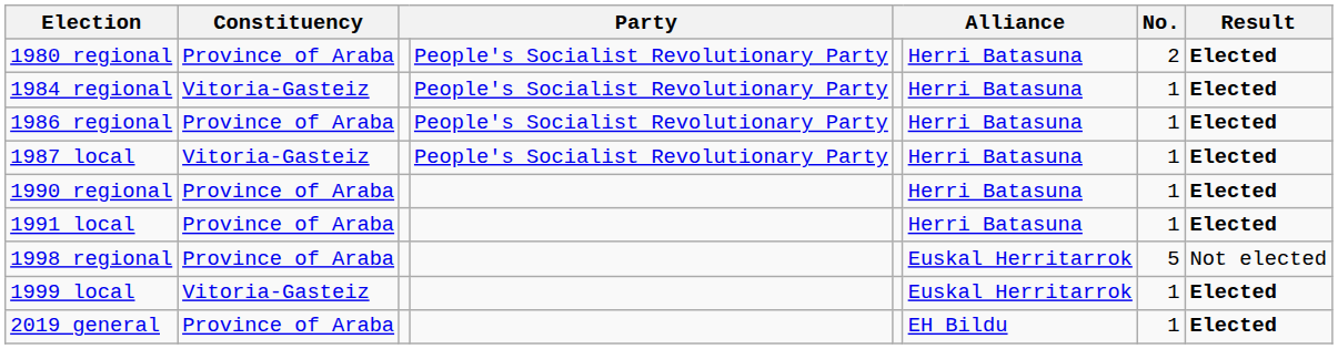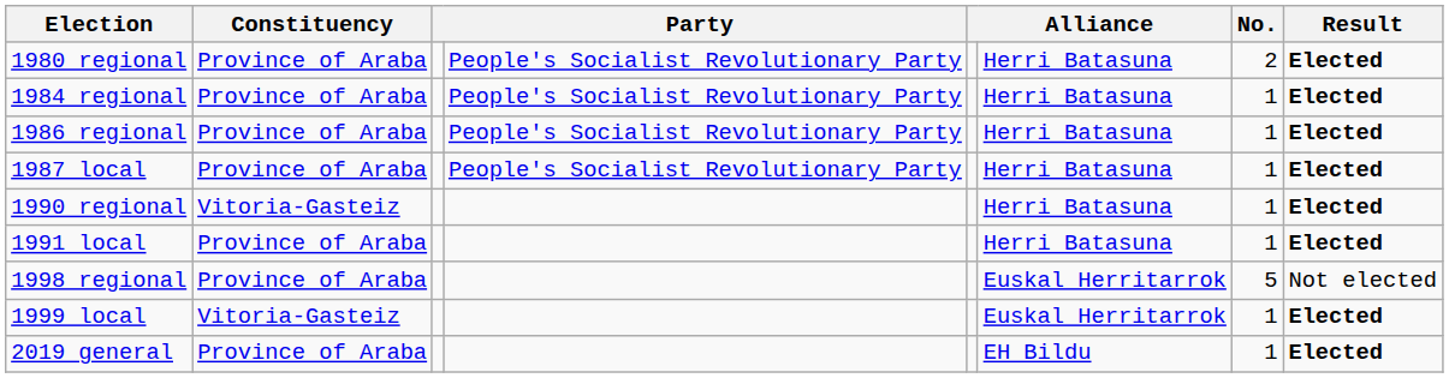 <table class="wikitable" style="text-align:left;">
 <tr>
 <th scope=col>Election</th>
 <th scope=col>Constituency</th>
 <th scope=col colspan="2">Party</th>
 <th scope=col colspan="2">Alliance</th>
 <th scope=col>No.</th>
 <th scope=col>Result</th>
 </tr>
 <tr>
 <td><a href='#'>1980 regional</a></td>
 <td><a href='#'>Province of Araba</a></td>
 <td></td>
 <td><a href='#'>People's Socialist Revolutionary Party</a></td>
 <td style="background:"></td>
 <td><a href='#'>Herri Batasuna</a></td>
 <td align=right>2</td>
 <td><strong>Elected</strong></td>
 </tr>
 <tr>
 <td><a href='#'>1984 regional</a></td>
-<td><a href='#'>Vitoria-Gasteiz</a></td>
+<td><a href='#'>Province of Araba</a></td>
 <td></td>
 <td><a href='#'>People's Socialist Revolutionary Party</a></td>
 <td style="background:"></td>
 <td><a href='#'>Herri Batasuna</a></td>
 <td align=right>1</td>
 <td><strong>Elected</strong></td>
 </tr>
 <tr>
 <td><a href='#'>1986 regional</a></td>
 <td><a href='#'>Province of Araba</a></td>
 <td></td>
 <td><a href='#'>People's Socialist Revolutionary Party</a></td>
 <td style="background:"></td>
 <td><a href='#'>Herri Batasuna</a></td>
 <td align=right>1</td>
 <td><strong>Elected</strong></td>
 </tr>
 <tr>
 <td><a href='#'>1987 local</a></td>
-<td><a href='#'>Vitoria-Gasteiz</a></td>
+<td><a href='#'>Province of Araba</a></td>
 <td></td>
 <td><a href='#'>People's Socialist Revolutionary Party</a></td>
 <td style="background:"></td>
 <td><a href='#'>Herri Batasuna</a></td>
 <td align=right>1</td>
 <td><strong>Elected</strong></td>
 </tr>
 <tr>
 <td><a href='#'>1990 regional</a></td>
-<td><a href='#'>Province of Araba</a></td>
+<td><a href='#'>Vitoria-Gasteiz</a></td>
 <td></td>
 <td></td>
 <td style="background:"></td>
 <td><a href='#'>Herri Batasuna</a></td>
 <td align=right>1</td>
 <td><strong>Elected</strong></td>
 </tr>
 <tr>
 <td><a href='#'>1991 local</a></td>
 <td><a href='#'>Province of Araba</a></td>
 <td></td>
 <td></td>
 <td style="background:"></td>
 <td><a href='#'>Herri Batasuna</a></td>
 <td align=right>1</td>
 <td><strong>Elected</strong></td>
 </tr>
 <tr>
 <td><a href='#'>1998 regional</a></td>
 <td><a href='#'>Province of Araba</a></td>
 <td></td>
 <td></td>
 <td style="background:"></td>
 <td><a href='#'>Euskal Herritarrok</a></td>
 <td align=right>5</td>
 <td>Not elected</td>
 </tr>
 <tr>
 <td><a href='#'>1999 local</a></td>
 <td><a href='#'>Vitoria-Gasteiz</a></td>
 <td></td>
 <td></td>
 <td style="background:"></td>
 <td><a href='#'>Euskal Herritarrok</a></td>
 <td align=right>1</td>
 <td><strong>Elected</strong></td>
 </tr>
 <tr>
 <td><a href='#'>2019 general</a></td>
 <td><a href='#'>Province of Araba</a></td>
 <td></td>
 <td></td>
 <td style="background:"></td>
 <td><a href='#'>EH Bildu</a></td>
 <td align=right>1</td>
 <td><strong>Elected</strong></td>
 </tr>
 </table>
